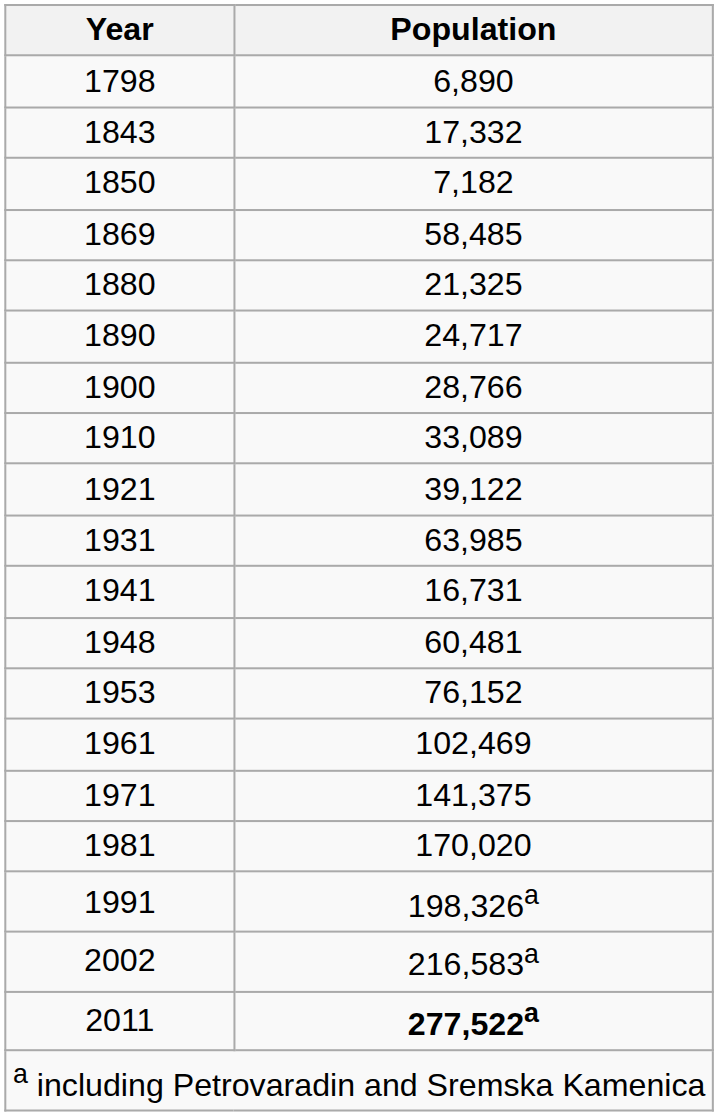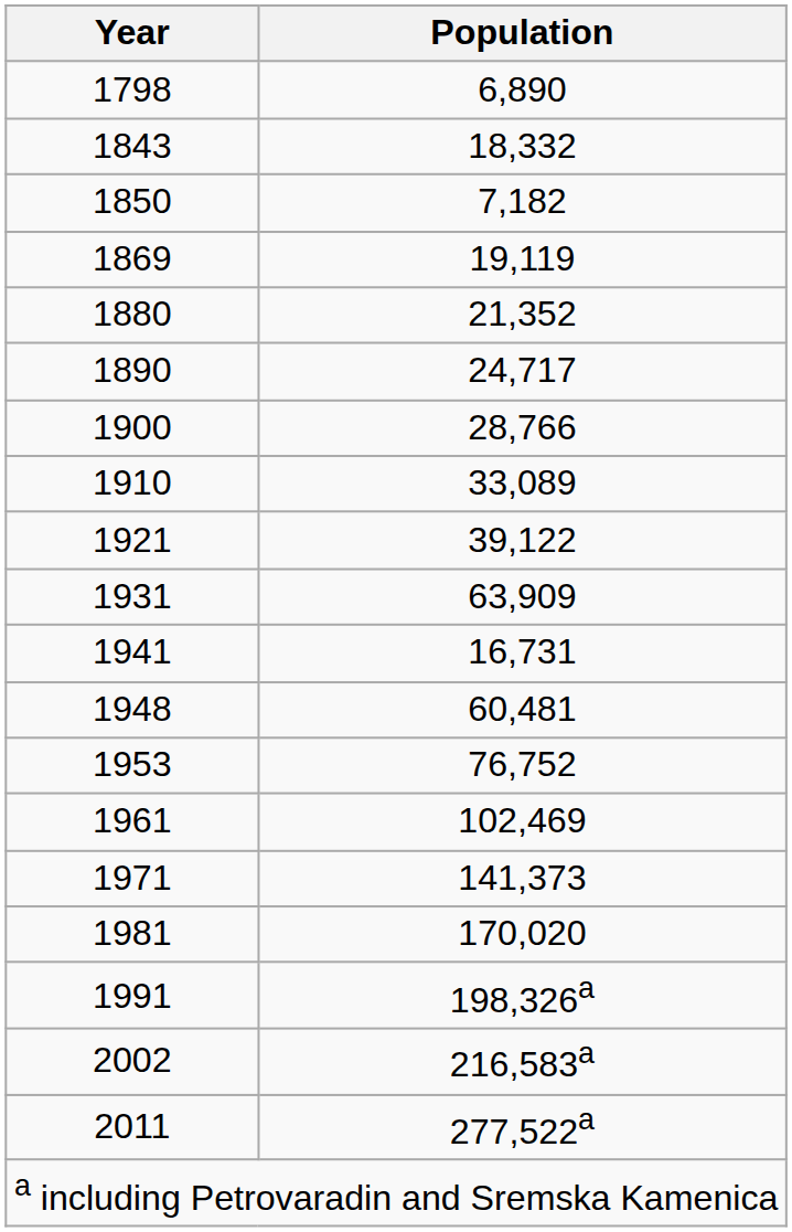 <table class="wikitable" style="float:right; margin:0 0 0 1em; text-size:80%; text-align:right">
 <tr>
 <th>Year</th>
 <th>Population</th>
 </tr>
 <tr>
 <td align="center">1798</td>
 <td align="center">6,890</td>
 </tr>
 <tr>
 <td align="center">1843</td>
-<td align="center">17,332</td>
+<td align="center">18,332</td>
 </tr>
 <tr>
 <td align="center">1850</td>
 <td align="center">7,182</td>
 </tr>
 <tr>
 <td align="center">1869</td>
-<td align="center">58,485</td>
+<td align="center">19,119</td>
 </tr>
 <tr>
 <td align="center">1880</td>
-<td align="center">21,325</td>
+<td align="center">21,352</td>
 </tr>
 <tr>
 <td align="center">1890</td>
 <td align="center">24,717</td>
 </tr>
 <tr>
 <td align="center">1900</td>
 <td align="center">28,766</td>
 </tr>
 <tr>
 <td align="center">1910</td>
 <td align="center">33,089</td>
 </tr>
 <tr>
 <td align="center">1921</td>
 <td align="center">39,122</td>
 </tr>
 <tr>
 <td align="center">1931</td>
-<td align="center">63,985</td>
+<td align="center">63,909</td>
 </tr>
 <tr>
 <td align="center">1941</td>
 <td align="center">16,731</td>
 </tr>
 <tr>
 <td align="center">1948</td>
 <td align="center">60,481</td>
 </tr>
 <tr>
 <td align="center">1953</td>
-<td align="center">76,152</td>
+<td align="center">76,752</td>
 </tr>
 <tr>
 <td align="center">1961</td>
 <td align="center">102,469</td>
 </tr>
 <tr>
 <td align="center">1971</td>
-<td align="center">141,375</td>
+<td align="center">141,373</td>
 </tr>
 <tr>
 <td align="center">1981</td>
 <td align="center">170,020</td>
 </tr>
 <tr>
 <td align="center">1991</td>
 <td align="center">198,326<sup>a</sup></td>
 </tr>
 <tr>
 <td align="center">2002</td>
 <td align="center">216,583<sup>a</sup></td>
 </tr>
 <tr>
 <td align="center">2011</td>
-<td align="center"><strong>277,522<sup>a</sup></strong></td>
+<td align="center">277,522<sup>a</sup></td>
 </tr>
 <tr>
 <td colspan=5><sup>a</sup> including Petrovaradin and Sremska Kamenica</td>
 </tr>
 </table>
